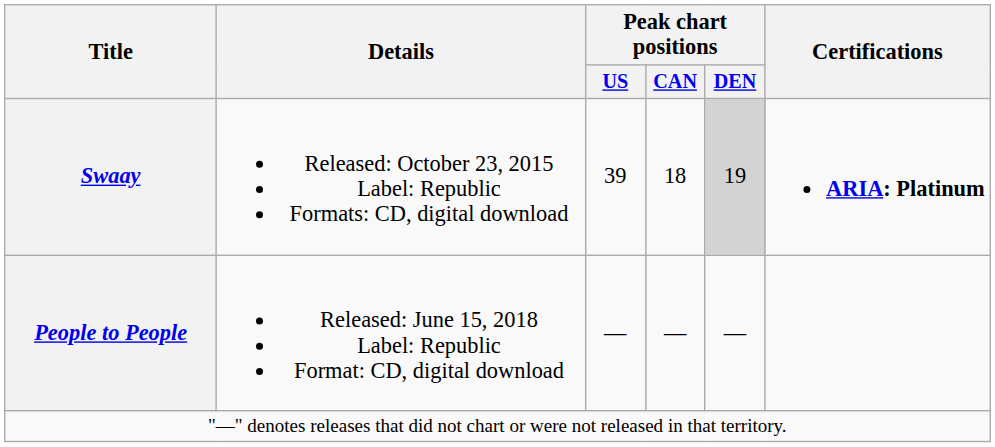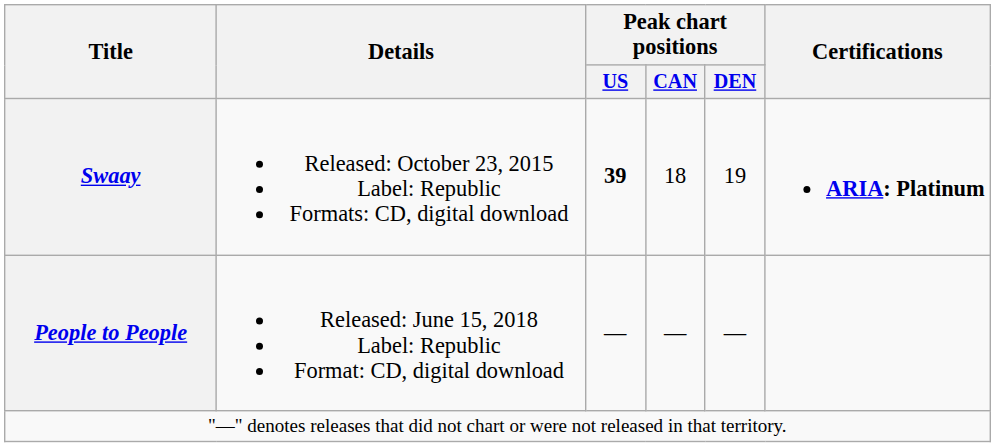 <table class="wikitable plainrowheaders" style="text-align:center;">
 <tr>
 <th scope="col" rowspan="2" style="width:9em;">Title</th>
 <th scope="col" rowspan="2" style="width:16em;">Details</th>
 <th scope="col" colspan="3">Peak chart<br>positions</th>
 <th scope="col" rowspan="2">Certifications</th>
 </tr>
 <tr>
 <th scope="col" style="width:2.5em;font-size:90%;"><a href='#'>US</a><br></th>
 <th scope="col" style="width:2.5em;font-size:90%;"><a href='#'>CAN</a><br></th>
 <th scope="col" style="width:2.5em;font-size:90%;"><a href='#'>DEN</a><br></th>
 </tr>
 <tr>
 <th scope="row"><em><a href='#'>Swaay</a></em></th>
 <td><br><ul><li>Released: October 23, 2015</li><li>Label: Republic</li><li>Formats: CD, digital download</li></ul></td>
-<td>39</td>
+<td><strong>39</strong></td>
 <td>18</td>
-<td style="background: lightgrey;">19</td>
+<td>19</td>
 <td><strong><br><ul><li><a href='#'>ARIA</a>: Platinum</li></ul></strong></td>
 </tr>
 <tr>
 <th scope="row"><em><a href='#'>People to People</a></em></th>
 <td><br><ul><li>Released: June 15, 2018</li><li>Label: Republic</li><li>Format: CD, digital download</li></ul></td>
 <td>—</td>
 <td>—</td>
 <td>—</td>
 <td></td>
 </tr>
 <tr>
 <td colspan="16" style="font-size:85%">"—" denotes releases that did not chart or were not released in that territory.</td>
 </tr>
 </table>
